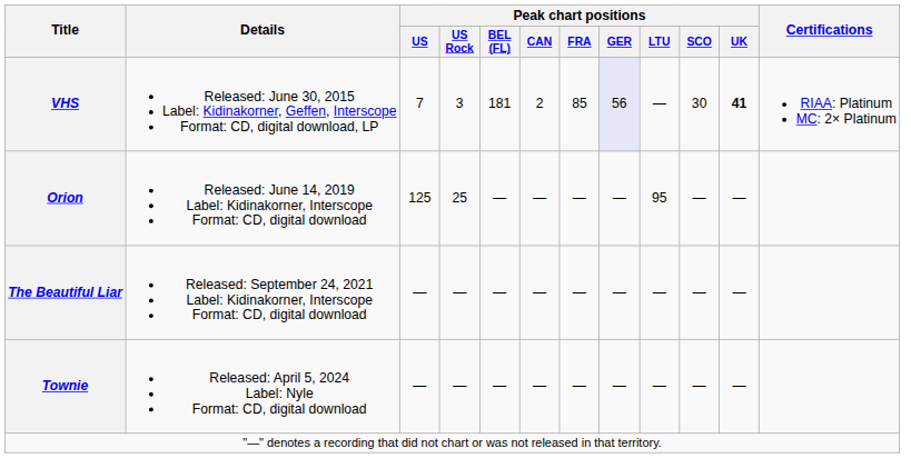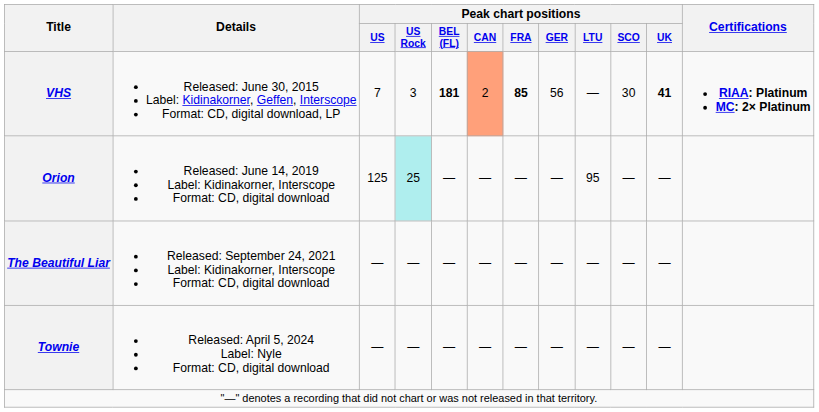 <table class="wikitable plainrowheaders" style="text-align:center;">
 <tr>
 <th scope="col" rowspan="2">Title</th>
 <th scope="col" rowspan="2">Details</th>
 <th scope="col" colspan="9">Peak chart positions</th>
 <th scope="col" rowspan="2"><a href='#'>Certifications</a></th>
 </tr>
 <tr>
 <th scope="col" style="width:3em;font-size:85%;"><a href='#'>US</a><br></th>
 <th scope="col" style="width:3em;font-size:85%;"><a href='#'>US<br>Rock</a><br></th>
 <th scope="col" style="width:3em;font-size:85%;"><a href='#'>BEL<br>(FL)</a><br></th>
 <th scope="col" style="width:3em;font-size:85%;"><a href='#'>CAN</a><br></th>
 <th scope="col" style="width:3em;font-size:85%;"><a href='#'>FRA</a><br></th>
 <th scope="col" style="width:3em;font-size:85%;"><a href='#'>GER</a><br></th>
 <th scope="col" style="width:3em;font-size:85%;"><a href='#'>LTU</a><br></th>
 <th scope="col" style="width:3em;font-size:85%;"><a href='#'>SCO</a><br></th>
 <th scope="col" style="width:3em;font-size:85%;"><a href='#'>UK</a><br></th>
 </tr>
 <tr>
 <th scope="row"><em><a href='#'>VHS</a></em></th>
 <td><br><ul><li>Released: June 30, 2015</li><li>Label: <a href='#'>Kidinakorner</a>, <a href='#'>Geffen</a>, <a href='#'>Interscope</a></li><li>Format: CD, digital download, LP</li></ul></td>
 <td>7</td>
 <td>3</td>
-<td>181</td>
-<td>2</td>
-<td>85</td>
-<td style="background: lavender;">56</td>
+<td><strong>181</strong></td>
+<td style="background: lightsalmon;">2</td>
+<td><strong>85</strong></td>
+<td>56</td>
 <td>—</td>
 <td>30</td>
 <td><strong>41</strong></td>
-<td><br><ul><li><a href='#'>RIAA</a>: Platinum</li><li><a href='#'>MC</a>: 2× Platinum</li></ul></td>
+<td><strong><br><ul><li><a href='#'>RIAA</a>: Platinum</li><li><a href='#'>MC</a>: 2× Platinum</li></ul></strong></td>
 </tr>
 <tr>
 <th scope="row"><em><a href='#'>Orion</a></em></th>
 <td><br><ul><li>Released: June 14, 2019</li><li>Label: Kidinakorner, Interscope</li><li>Format: CD, digital download</li></ul></td>
 <td>125</td>
-<td>25</td>
+<td style="background: paleturquoise;">25</td>
 <td>—</td>
 <td>—</td>
 <td>—</td>
 <td>—</td>
 <td>95</td>
 <td>—</td>
 <td>—</td>
 <td></td>
 </tr>
 <tr>
 <th scope="row"><em><a href='#'>The Beautiful Liar</a></em></th>
 <td><br><ul><li>Released: September 24, 2021</li><li>Label: Kidinakorner, Interscope</li><li>Format: CD, digital download</li></ul></td>
 <td>—</td>
 <td>—</td>
 <td>—</td>
 <td>—</td>
 <td>—</td>
 <td>—</td>
 <td>—</td>
 <td>—</td>
 <td>—</td>
 <td></td>
 </tr>
 <tr>
 <th scope="row"><em><a href='#'>Townie</a></em></th>
 <td><br><ul><li>Released: April 5, 2024</li><li>Label: Nyle</li><li>Format: CD, digital download</li></ul></td>
 <td>—</td>
 <td>—</td>
 <td>—</td>
 <td>—</td>
 <td>—</td>
 <td>—</td>
 <td>—</td>
 <td>—</td>
 <td>—</td>
 <td></td>
 </tr>
 <tr>
 <td colspan="13" style="font-size:90%">"—" denotes a recording that did not chart or was not released in that territory.</td>
 </tr>
 </table>
